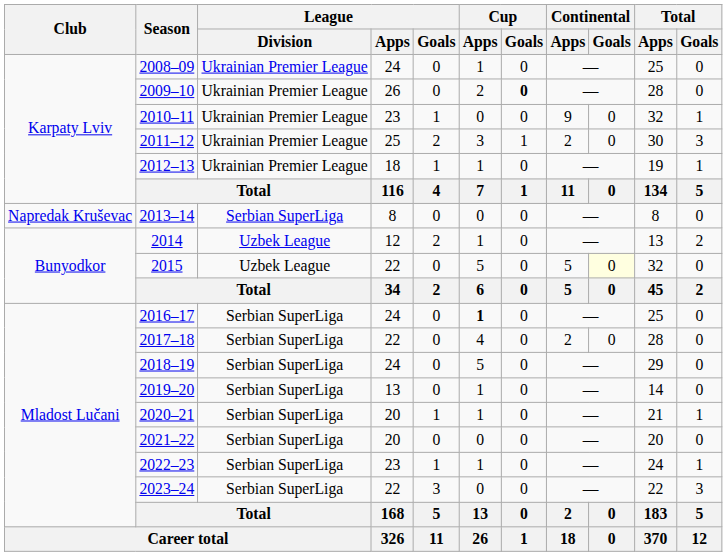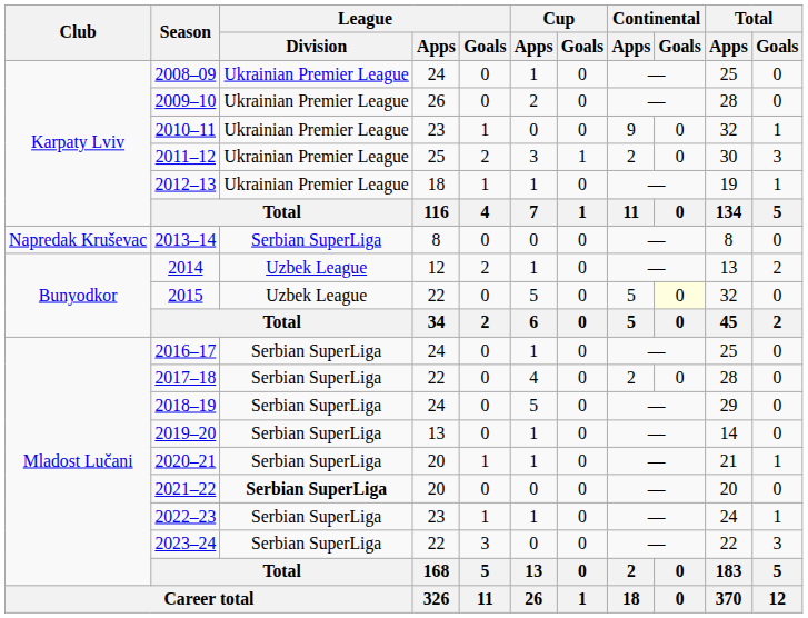 <table class="wikitable" style="text-align:center">
 <tr>
 <th rowspan="2">Club</th>
 <th rowspan="2">Season</th>
 <th colspan="3">League</th>
 <th colspan="2">Cup</th>
 <th colspan="2">Continental</th>
 <th colspan="2">Total</th>
 </tr>
 <tr>
 <th>Division</th>
 <th>Apps</th>
 <th>Goals</th>
 <th>Apps</th>
 <th>Goals</th>
 <th>Apps</th>
 <th>Goals</th>
 <th>Apps</th>
 <th>Goals</th>
 </tr>
 <tr>
 <td rowspan="6"><a href='#'>Karpaty Lviv</a></td>
 <td><a href='#'>2008–09</a></td>
 <td><a href='#'>Ukrainian Premier League</a></td>
 <td>24</td>
 <td>0</td>
 <td>1</td>
 <td>0</td>
 <td colspan="2">—</td>
 <td>25</td>
 <td>0</td>
 </tr>
 <tr>
 <td><a href='#'>2009–10</a></td>
 <td>Ukrainian Premier League</td>
 <td>26</td>
 <td>0</td>
 <td>2</td>
-<td><strong>0</strong></td>
+<td>0</td>
 <td colspan="2">—</td>
 <td>28</td>
 <td>0</td>
 </tr>
 <tr>
 <td><a href='#'>2010–11</a></td>
 <td>Ukrainian Premier League</td>
 <td>23</td>
 <td>1</td>
 <td>0</td>
 <td>0</td>
 <td>9</td>
 <td>0</td>
 <td>32</td>
 <td>1</td>
 </tr>
 <tr>
 <td><a href='#'>2011–12</a></td>
 <td>Ukrainian Premier League</td>
 <td>25</td>
 <td>2</td>
 <td>3</td>
 <td>1</td>
 <td>2</td>
 <td>0</td>
 <td>30</td>
 <td>3</td>
 </tr>
 <tr>
 <td><a href='#'>2012–13</a></td>
 <td>Ukrainian Premier League</td>
 <td>18</td>
 <td>1</td>
 <td>1</td>
 <td>0</td>
 <td colspan="2">—</td>
 <td>19</td>
 <td>1</td>
 </tr>
 <tr>
 <th colspan="2">Total</th>
 <th>116</th>
 <th>4</th>
 <th>7</th>
 <th>1</th>
 <th>11</th>
 <th>0</th>
 <th>134</th>
 <th>5</th>
 </tr>
 <tr>
 <td><a href='#'>Napredak Kruševac</a></td>
 <td><a href='#'>2013–14</a></td>
 <td><a href='#'>Serbian SuperLiga</a></td>
 <td>8</td>
 <td>0</td>
 <td>0</td>
 <td>0</td>
 <td colspan="2">—</td>
 <td>8</td>
 <td>0</td>
 </tr>
 <tr>
 <td rowspan="3"><a href='#'>Bunyodkor</a></td>
 <td><a href='#'>2014</a></td>
 <td><a href='#'>Uzbek League</a></td>
 <td>12</td>
 <td>2</td>
 <td>1</td>
 <td>0</td>
 <td colspan="2">—</td>
 <td>13</td>
 <td>2</td>
 </tr>
 <tr>
 <td><a href='#'>2015</a></td>
 <td>Uzbek League</td>
 <td>22</td>
 <td>0</td>
 <td>5</td>
 <td>0</td>
 <td>5</td>
 <td style="background: lightyellow;">0</td>
 <td>32</td>
 <td>0</td>
 </tr>
 <tr>
 <th colspan="2">Total</th>
 <th>34</th>
 <th>2</th>
 <th>6</th>
 <th>0</th>
 <th>5</th>
 <th>0</th>
 <th>45</th>
 <th>2</th>
 </tr>
 <tr>
 <td rowspan="9"><a href='#'>Mladost Lučani</a></td>
 <td><a href='#'>2016–17</a></td>
 <td>Serbian SuperLiga</td>
 <td>24</td>
 <td>0</td>
-<td><strong>1</strong></td>
+<td>1</td>
 <td>0</td>
 <td colspan="2">—</td>
 <td>25</td>
 <td>0</td>
 </tr>
 <tr>
 <td><a href='#'>2017–18</a></td>
 <td>Serbian SuperLiga</td>
 <td>22</td>
 <td>0</td>
 <td>4</td>
 <td>0</td>
 <td>2</td>
 <td>0</td>
 <td>28</td>
 <td>0</td>
 </tr>
 <tr>
 <td><a href='#'>2018–19</a></td>
 <td>Serbian SuperLiga</td>
 <td>24</td>
 <td>0</td>
 <td>5</td>
 <td>0</td>
 <td colspan="2">—</td>
 <td>29</td>
 <td>0</td>
 </tr>
 <tr>
 <td><a href='#'>2019–20</a></td>
 <td>Serbian SuperLiga</td>
 <td>13</td>
 <td>0</td>
 <td>1</td>
 <td>0</td>
 <td colspan="2">—</td>
 <td>14</td>
 <td>0</td>
 </tr>
 <tr>
 <td><a href='#'>2020–21</a></td>
 <td>Serbian SuperLiga</td>
 <td>20</td>
 <td>1</td>
 <td>1</td>
 <td>0</td>
 <td colspan="2">—</td>
 <td>21</td>
 <td>1</td>
 </tr>
 <tr>
 <td><a href='#'>2021–22</a></td>
-<td>Serbian SuperLiga</td>
+<td><strong>Serbian SuperLiga</strong></td>
 <td>20</td>
 <td>0</td>
 <td>0</td>
 <td>0</td>
 <td colspan="2">—</td>
 <td>20</td>
 <td>0</td>
 </tr>
 <tr>
 <td><a href='#'>2022–23</a></td>
 <td>Serbian SuperLiga</td>
 <td>23</td>
 <td>1</td>
 <td>1</td>
 <td>0</td>
 <td colspan="2">—</td>
 <td>24</td>
 <td>1</td>
 </tr>
 <tr>
 <td><a href='#'>2023–24</a></td>
 <td>Serbian SuperLiga</td>
 <td>22</td>
 <td>3</td>
 <td>0</td>
 <td>0</td>
 <td colspan="2">—</td>
 <td>22</td>
 <td>3</td>
 </tr>
 <tr>
 <th colspan="2">Total</th>
 <th>168</th>
 <th>5</th>
 <th>13</th>
 <th>0</th>
 <th>2</th>
 <th>0</th>
 <th>183</th>
 <th>5</th>
 </tr>
 <tr>
 <th colspan="3">Career total</th>
 <th>326</th>
 <th>11</th>
 <th>26</th>
 <th>1</th>
 <th>18</th>
 <th>0</th>
 <th>370</th>
 <th>12</th>
 </tr>
 </table>
